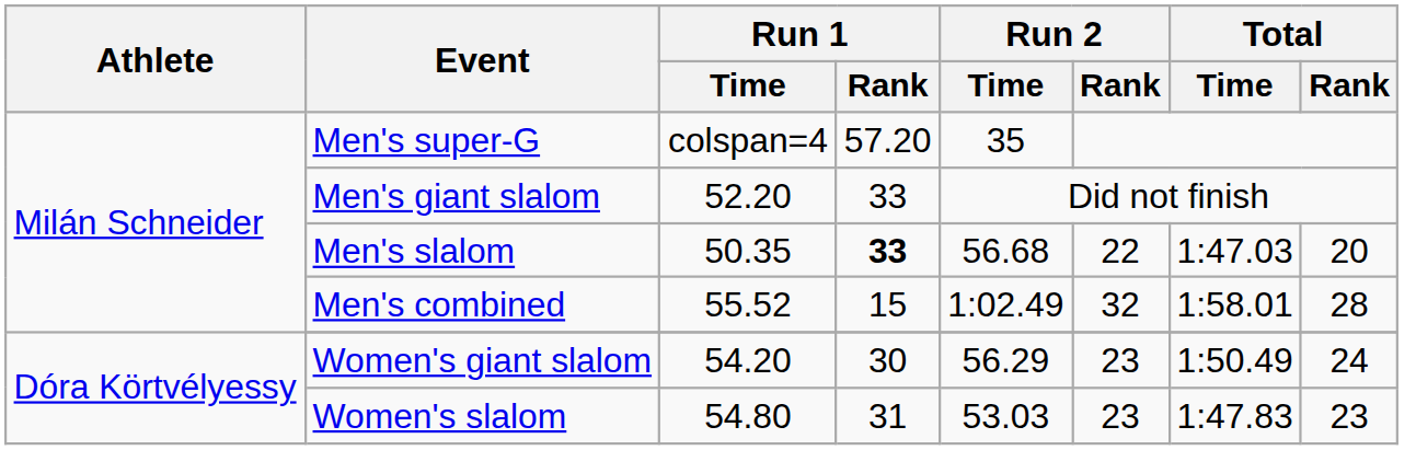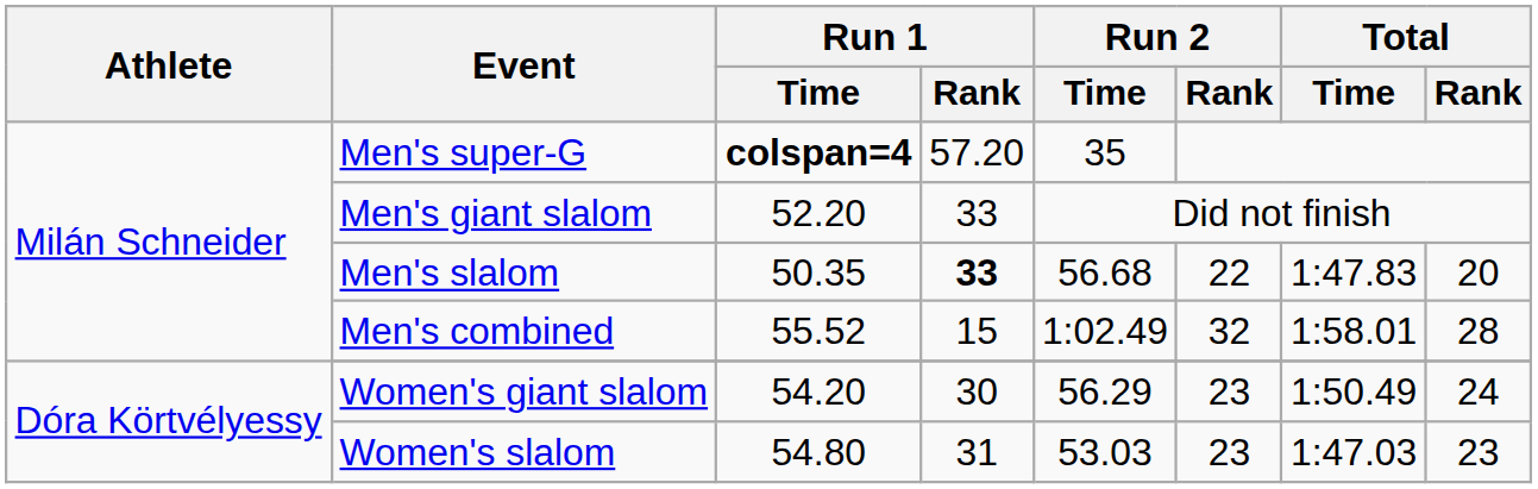 <table class="wikitable" style="font-size:90%">
 <tr>
 <th rowspan=2>Athlete</th>
 <th rowspan=2>Event</th>
 <th colspan=2>Run 1</th>
 <th colspan=2>Run 2</th>
 <th colspan=2>Total</th>
 </tr>
 <tr style="font-size:95%">
 <th>Time</th>
 <th>Rank</th>
 <th>Time</th>
 <th>Rank</th>
 <th>Time</th>
 <th>Rank</th>
 </tr>
 <tr align=center>
 <td align="left" rowspan="4"><a href='#'>Milán Schneider</a></td>
 <td align="left"><a href='#'>Men's super-G</a></td>
-<td>colspan=4 </td>
+<td><strong>colspan=4 </strong></td>
 <td>57.20</td>
 <td>35</td>
 </tr>
 <tr align=center>
 <td align="left"><a href='#'>Men's giant slalom</a></td>
 <td>52.20</td>
 <td>33</td>
 <td colspan=4>Did not finish</td>
 </tr>
 <tr align=center>
 <td align="left"><a href='#'>Men's slalom</a></td>
 <td>50.35</td>
 <td><strong>33</strong></td>
 <td>56.68</td>
 <td>22</td>
-<td>1:47.03</td>
+<td>1:47.83</td>
 <td>20</td>
 </tr>
 <tr align=center>
 <td align="left"><a href='#'>Men's combined</a></td>
 <td>55.52</td>
 <td>15</td>
 <td>1:02.49</td>
 <td>32</td>
 <td>1:58.01</td>
 <td>28</td>
 </tr>
 <tr align=center>
 <td align="left" rowspan="3"><a href='#'>Dóra Körtvélyessy</a></td>
 </tr>
 <tr align=center>
 <td align="left"><a href='#'>Women's giant slalom</a></td>
 <td>54.20</td>
 <td>30</td>
 <td>56.29</td>
 <td>23</td>
 <td>1:50.49</td>
 <td>24</td>
 </tr>
 <tr align=center>
 <td align="left"><a href='#'>Women's slalom</a></td>
 <td>54.80</td>
 <td>31</td>
 <td>53.03</td>
 <td>23</td>
-<td>1:47.83</td>
+<td>1:47.03</td>
 <td>23</td>
 </tr>
 </table>
